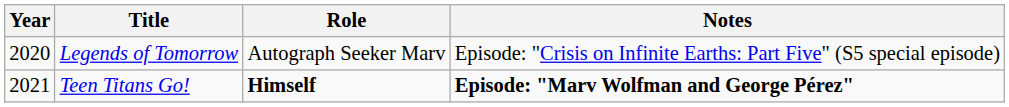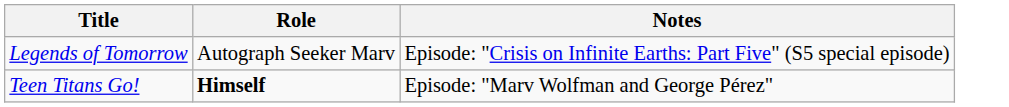 <table class="wikitable sortable">
 <tr>
-<th>Year</th>
 <th>Title</th>
 <th>Role</th>
 <th class="unsortable">Notes</th>
 </tr>
 <tr>
-<td>2020</td>
 <td><em><a href='#'>Legends of Tomorrow</a></em></td>
 <td>Autograph Seeker Marv</td>
 <td>Episode: "<a href='#'>Crisis on Infinite Earths: Part Five</a>" (S5 special episode)</td>
 </tr>
 <tr>
-<td>2021</td>
 <td><em><a href='#'>Teen Titans Go!</a></em></td>
 <td><strong>Himself</strong></td>
-<td><strong>Episode: "Marv Wolfman and George Pérez"</strong></td>
+<td>Episode: "Marv Wolfman and George Pérez"</td>
 </tr>
 </table>
